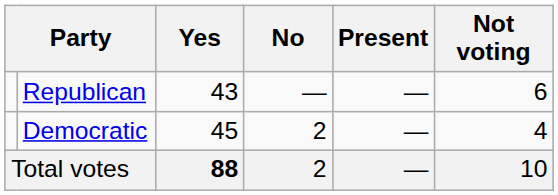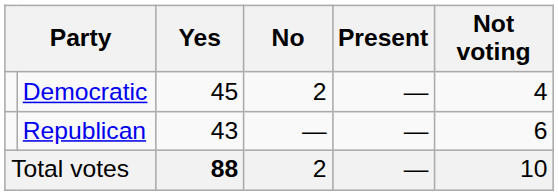 <table class="wikitable" style="float:right; background: #f9f9f9; text-align: right;">
 <tr>
 <th colspan="2" scope="col" style="width: 90px">Party</th>
 <th scope="col" style="width: 50px">Yes</th>
 <th scope="col" style="width: 50px">No</th>
 <th>Present</th>
 <th scope="col" style="width: 70px">Not voting</th>
 </tr>
 <tr>
 <td scope="row" style="background-color:"></td>
+<td scope="row" style="text-align: left;"><a href='#'>Democratic</a></td>
+<td>45</td>
+<td>2</td>
+<td>—</td>
+<td>4</td>
+</tr>
+<tr>
+<td scope="row" style="background-color:"></td>
 <td scope="row" style="text-align: left;"><a href='#'>Republican</a></td>
 <td>43</td>
 <td>—</td>
 <td>—</td>
 <td>6</td>
-</tr>
-<tr>
-<td scope="row" style="background-color:"></td>
-<td scope="row" style="text-align: left;"><a href='#'>Democratic</a></td>
-<td>45</td>
-<td>2</td>
-<td>—</td>
-<td>4</td>
 </tr>
 <tr class="tfoot" style="background:#f2f2f2;">
 <td colspan="2" scope="row" style="text-align:left;">Total votes</td>
 <td> <strong>88</strong></td>
 <td>2</td>
 <td>—</td>
 <td>10</td>
 </tr>
 </table>
